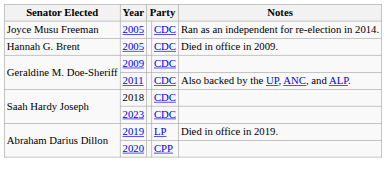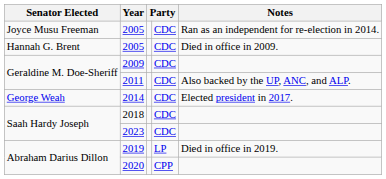 <table class="wikitable">
 <tr>
 <th>Senator Elected</th>
 <th>Year</th>
 <th colspan=2>Party</th>
 <th>Notes</th>
 </tr>
 <tr>
 <td>Joyce Musu Freeman</td>
 <td><a href='#'>2005</a></td>
 <td></td>
 <td><a href='#'>CDC</a></td>
 <td>Ran as an independent for re-election in 2014.</td>
 </tr>
 <tr>
 <td>Hannah G. Brent</td>
 <td><a href='#'>2005</a></td>
 <td></td>
 <td><a href='#'>CDC</a></td>
 <td>Died in office in 2009.</td>
 </tr>
 <tr>
 <td rowspan=2>Geraldine M. Doe-Sheriff</td>
 <td><a href='#'>2009</a></td>
 <td></td>
 <td><a href='#'>CDC</a></td>
 <td></td>
 </tr>
 <tr>
 <td><a href='#'>2011</a></td>
 <td></td>
 <td><a href='#'>CDC</a></td>
 <td>Also backed by the <a href='#'>UP</a>, <a href='#'>ANC</a>, and <a href='#'>ALP</a>.</td>
 </tr>
 <tr>
+<td><a href='#'>George Weah</a></td>
+<td><a href='#'>2014</a></td>
+<td></td>
+<td><a href='#'>CDC</a></td>
+<td>Elected <a href='#'>president</a> in <a href='#'>2017</a>.</td>
+</tr>
+<tr>
 <td rowspan=2>Saah Hardy Joseph</td>
 <td>2018</td>
 <td></td>
 <td><a href='#'>CDC</a></td>
 <td></td>
 </tr>
 <tr>
 <td><a href='#'>2023</a></td>
 <td></td>
 <td><a href='#'>CDC</a></td>
 <td></td>
 </tr>
 <tr>
 <td rowspan=2>Abraham Darius Dillon</td>
 <td><a href='#'>2019</a></td>
 <td></td>
 <td><a href='#'>LP</a></td>
 <td>Died in office in 2019.</td>
 </tr>
 <tr>
 <td><a href='#'>2020</a></td>
 <td></td>
 <td><a href='#'>CPP</a></td>
 <td></td>
 </tr>
 </table>
